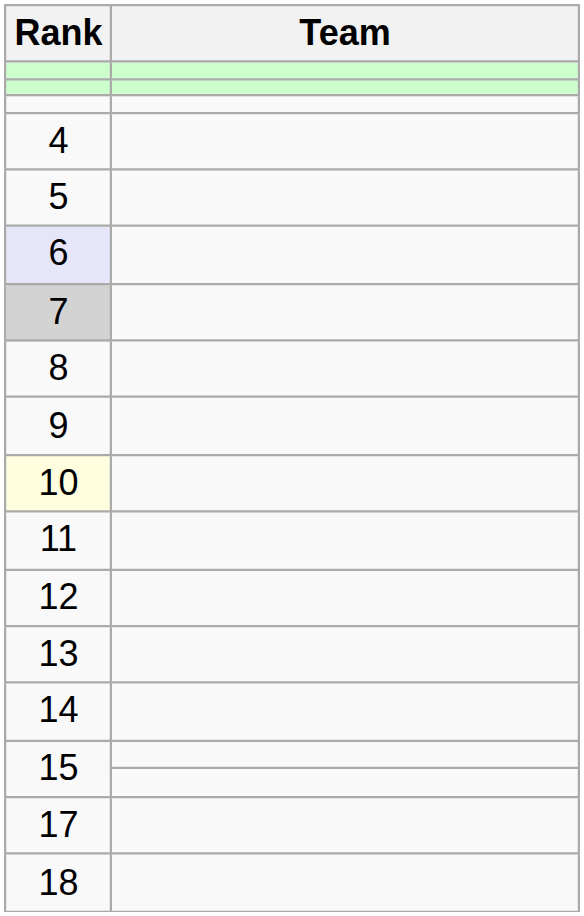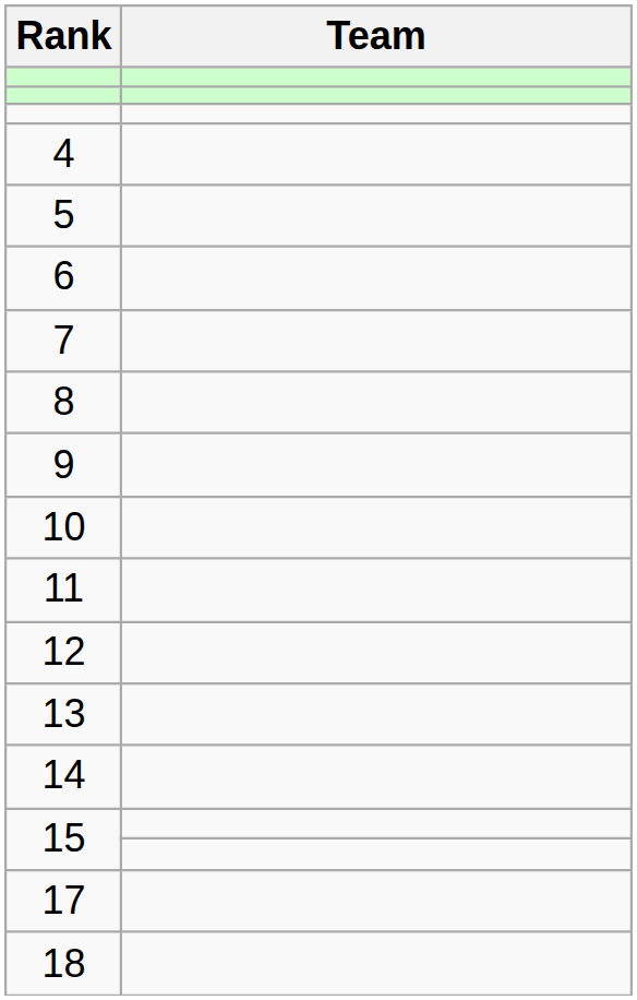 <table class="wikitable" style="text-align:center">
 <tr>
 <th width=40>Rank</th>
 <th width=200>Team</th>
 </tr>
 <tr bgcolor=#ccffcc>
 <td></td>
 <td style="text-align:left"></td>
 </tr>
 <tr bgcolor=#ccffcc>
 <td></td>
 <td style="text-align:left"></td>
 </tr>
 <tr>
 <td></td>
 <td style="text-align:left"></td>
 </tr>
 <tr>
 <td>4</td>
 <td style="text-align:left"></td>
 </tr>
 <tr>
 <td>5</td>
 <td style="text-align:left"></td>
 </tr>
 <tr>
-<td style="background: lavender;">6</td>
+<td>6</td>
 <td style="text-align:left"></td>
 </tr>
 <tr>
-<td style="background: lightgrey;">7</td>
+<td>7</td>
 <td style="text-align:left"></td>
 </tr>
 <tr>
 <td>8</td>
 <td style="text-align:left"></td>
 </tr>
 <tr>
 <td>9</td>
 <td style="text-align:left"></td>
 </tr>
 <tr>
-<td style="background: lightyellow;">10</td>
+<td>10</td>
 <td style="text-align:left"></td>
 </tr>
 <tr>
 <td>11</td>
 <td style="text-align:left"></td>
 </tr>
 <tr>
 <td>12</td>
 <td style="text-align:left"></td>
 </tr>
 <tr>
 <td>13</td>
 <td style="text-align:left"></td>
 </tr>
 <tr>
 <td>14</td>
 <td style="text-align:left"></td>
 </tr>
 <tr>
 <td rowspan=2>15</td>
 <td style="text-align:left"></td>
 </tr>
 <tr>
 <td style="text-align:left"></td>
 </tr>
 <tr>
 <td>17</td>
 <td style="text-align:left"></td>
 </tr>
 <tr>
 <td>18</td>
 <td style="text-align:left"></td>
 </tr>
 </table>
